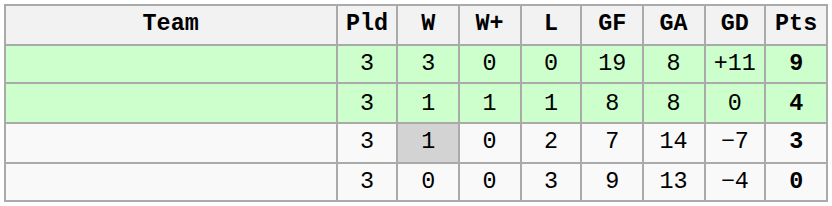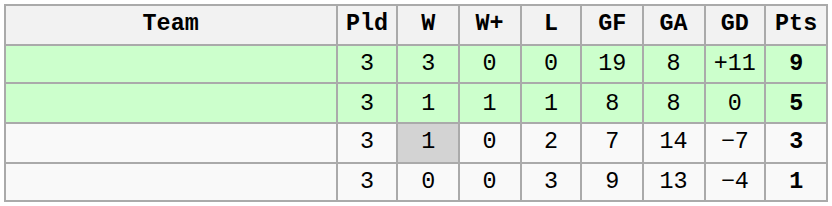 <table class="wikitable" style="text-align: center; font-size:90% ">
 <tr>
 <th width=160>Team</th>
 <th width=25>Pld</th>
 <th width=25>W</th>
 <th width=25>W+</th>
 <th width=25>L</th>
 <th width=25>GF</th>
 <th width=25>GA</th>
 <th width=25>GD</th>
 <th width=25>Pts</th>
 </tr>
 <tr bgcolor="ccffcc">
 <td align=left></td>
 <td>3</td>
 <td>3</td>
 <td>0</td>
 <td>0</td>
 <td>19</td>
 <td>8</td>
 <td>+11</td>
 <td><strong>9</strong></td>
 </tr>
 <tr bgcolor="ccffcc">
 <td align=left></td>
 <td>3</td>
 <td>1</td>
 <td>1</td>
 <td>1</td>
 <td>8</td>
 <td>8</td>
 <td>0</td>
-<td><strong>4</strong></td>
+<td><strong>5</strong></td>
 </tr>
 <tr>
 <td align=left></td>
 <td>3</td>
 <td style="background: lightgrey;">1</td>
 <td>0</td>
 <td>2</td>
 <td>7</td>
 <td>14</td>
 <td>−7</td>
 <td><strong>3</strong></td>
 </tr>
 <tr>
 <td align=left></td>
 <td>3</td>
 <td>0</td>
 <td>0</td>
 <td>3</td>
 <td>9</td>
 <td>13</td>
 <td>−4</td>
-<td><strong>0</strong></td>
+<td><strong>1</strong></td>
 </tr>
 </table>
